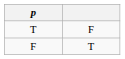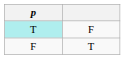 <table class="wikitable" style="margin:1em auto; text-align:center;">
 <tr>
 <th style="width:80px"><em>p</em></th>
 <th style="width:80px"></th>
 </tr>
 <tr>
-<td>T</td>
+<td style="background: paleturquoise;">T</td>
 <td>F</td>
 </tr>
 <tr>
 <td>F</td>
 <td>T</td>
 </tr>
 </table>
